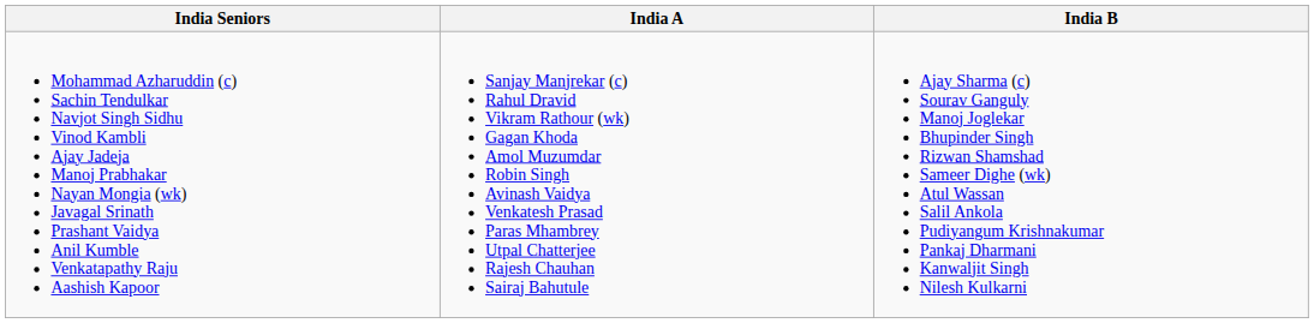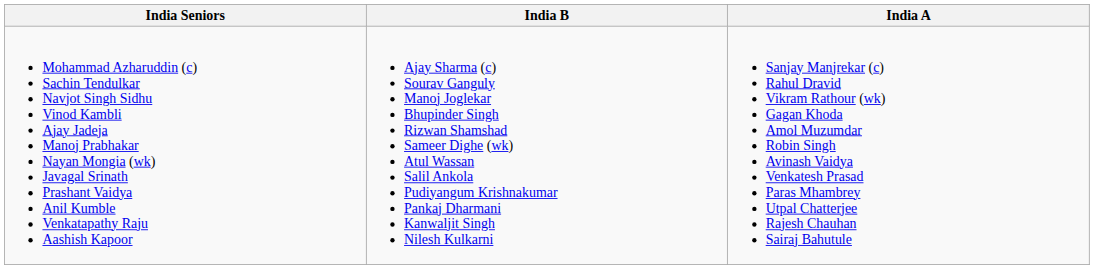 <table class="wikitable">
 <tr>
 <th style="width:15%;"> India Seniors </th>
+<th style="width:15%;"> India B </th>
 <th style="width:15%;"> India A </th>
-<th style="width:15%;"> India B </th>
 </tr>
 <tr style="vertical-align:top">
 <td><br><ul><li><a href='#'>Mohammad Azharuddin</a> (<a href='#'>c</a>)</li><li><a href='#'>Sachin Tendulkar</a></li><li><a href='#'>Navjot Singh Sidhu</a></li><li><a href='#'>Vinod Kambli</a></li><li><a href='#'>Ajay Jadeja</a></li><li><a href='#'>Manoj Prabhakar</a></li><li><a href='#'>Nayan Mongia</a> (<a href='#'>wk</a>)</li><li><a href='#'>Javagal Srinath</a></li><li><a href='#'>Prashant Vaidya</a></li><li><a href='#'>Anil Kumble</a></li><li><a href='#'>Venkatapathy Raju</a></li><li><a href='#'>Aashish Kapoor</a></li></ul></td>
+<td><br><ul><li><a href='#'>Ajay Sharma</a> (<a href='#'>c</a>)</li><li><a href='#'>Sourav Ganguly</a></li><li><a href='#'>Manoj Joglekar</a></li><li><a href='#'>Bhupinder Singh</a></li><li><a href='#'>Rizwan Shamshad</a></li><li><a href='#'>Sameer Dighe</a> (<a href='#'>wk</a>)</li><li><a href='#'>Atul Wassan</a></li><li><a href='#'>Salil Ankola</a></li><li><a href='#'>Pudiyangum Krishnakumar</a></li><li><a href='#'>Pankaj Dharmani</a></li><li><a href='#'>Kanwaljit Singh</a></li><li><a href='#'>Nilesh Kulkarni</a></li></ul></td>
 <td><br><ul><li><a href='#'>Sanjay Manjrekar</a> (<a href='#'>c</a>)</li><li><a href='#'>Rahul Dravid</a></li><li><a href='#'>Vikram Rathour</a> (<a href='#'>wk</a>)</li><li><a href='#'>Gagan Khoda</a></li><li><a href='#'>Amol Muzumdar</a></li><li><a href='#'>Robin Singh</a></li><li><a href='#'>Avinash Vaidya</a></li><li><a href='#'>Venkatesh Prasad</a></li><li><a href='#'>Paras Mhambrey</a></li><li><a href='#'>Utpal Chatterjee</a></li><li><a href='#'>Rajesh Chauhan</a></li><li><a href='#'>Sairaj Bahutule</a></li></ul></td>
-<td><br><ul><li><a href='#'>Ajay Sharma</a> (<a href='#'>c</a>)</li><li><a href='#'>Sourav Ganguly</a></li><li><a href='#'>Manoj Joglekar</a></li><li><a href='#'>Bhupinder Singh</a></li><li><a href='#'>Rizwan Shamshad</a></li><li><a href='#'>Sameer Dighe</a> (<a href='#'>wk</a>)</li><li><a href='#'>Atul Wassan</a></li><li><a href='#'>Salil Ankola</a></li><li><a href='#'>Pudiyangum Krishnakumar</a></li><li><a href='#'>Pankaj Dharmani</a></li><li><a href='#'>Kanwaljit Singh</a></li><li><a href='#'>Nilesh Kulkarni</a></li></ul></td>
 </tr>
 </table>
